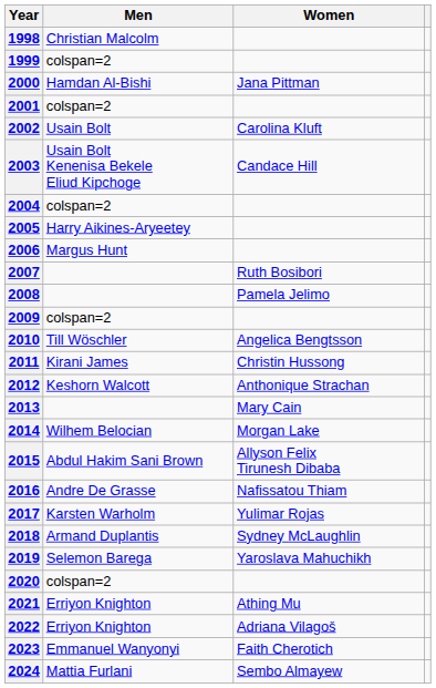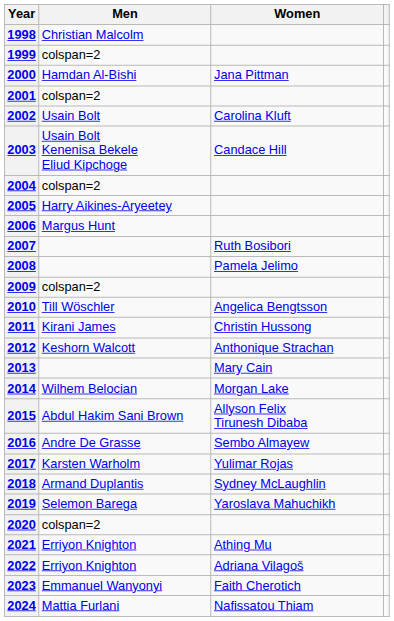 <table class="wikitable sortable">
 <tr>
 <th scope="col">Year</th>
 <th scope="col" style="width:13em">Men</th>
 <th scope="col" style="width:13em">Women</th>
 <th scope="col" class="unsortable"></th>
 </tr>
 <tr>
 <th scope="row"><a href='#'>1998</a></th>
 <td> <a href='#'>Christian Malcolm</a></td>
 <td></td>
 <td style="text-align:center;"></td>
 </tr>
 <tr>
 <th scope="row"><a href='#'>1999</a></th>
 <td>colspan=2 </td>
 <td style="text-align:center;"></td>
 </tr>
 <tr>
 <th scope="row"><a href='#'>2000</a></th>
 <td> <a href='#'>Hamdan Al-Bishi</a></td>
 <td>  <a href='#'>Jana Pittman</a></td>
 <td style="text-align:center;"></td>
 </tr>
 <tr>
 <th scope="row"><a href='#'>2001</a></th>
 <td>colspan=2 </td>
 <td style="text-align:center;"></td>
 </tr>
 <tr>
 <th scope="row"><a href='#'>2002</a></th>
 <td> <a href='#'>Usain Bolt</a> </td>
 <td> <a href='#'>Carolina Kluft</a></td>
 <td style="text-align:center;"></td>
 </tr>
 <tr>
 <th scope="row"><a href='#'>2003</a></th>
 <td> <a href='#'>Usain Bolt</a> <br> <a href='#'>Kenenisa Bekele</a><br> <a href='#'>Eliud Kipchoge</a></td>
 <td> <a href='#'>Candace Hill</a></td>
 <td style="text-align:center;"></td>
 </tr>
 <tr>
 <th scope="row"><a href='#'>2004</a></th>
 <td>colspan=2 </td>
 <td style="text-align:center;"></td>
 </tr>
 <tr>
 <th scope="row"><a href='#'>2005</a></th>
 <td> <a href='#'>Harry Aikines-Aryeetey</a></td>
 <td></td>
 <td style="text-align:center;"></td>
 </tr>
 <tr>
 <th scope="row"><a href='#'>2006</a></th>
 <td> <a href='#'>Margus Hunt</a></td>
 <td></td>
 <td style="text-align:center;"></td>
 </tr>
 <tr>
 <th scope="row"><a href='#'>2007</a></th>
 <td></td>
 <td> <a href='#'>Ruth Bosibori</a></td>
 <td style="text-align:center;"></td>
 </tr>
 <tr>
 <th scope="row"><a href='#'>2008</a></th>
 <td></td>
 <td> <a href='#'>Pamela Jelimo</a></td>
 <td style="text-align:center;"></td>
 </tr>
 <tr>
 <th scope="row"><a href='#'>2009</a></th>
 <td>colspan=2 </td>
 <td style="text-align:center;"></td>
 </tr>
 <tr>
 <th scope="row"><a href='#'>2010</a></th>
 <td> <a href='#'>Till Wöschler</a></td>
 <td> <a href='#'>Angelica Bengtsson</a></td>
 <td style="text-align:center;"></td>
 </tr>
 <tr>
 <th scope="row" style="text-align:center;"><a href='#'>2011</a></th>
 <td> <a href='#'>Kirani James</a></td>
 <td> <a href='#'>Christin Hussong</a></td>
 <td style="text-align:center;"></td>
 </tr>
 <tr>
 <th scope="row"><a href='#'>2012</a></th>
 <td> <a href='#'>Keshorn Walcott</a></td>
 <td> <a href='#'>Anthonique Strachan</a></td>
 <td style="text-align:center;"></td>
 </tr>
 <tr>
 <th scope="row"><a href='#'>2013</a></th>
 <td></td>
 <td> <a href='#'>Mary Cain</a></td>
 <td style="text-align:center;"></td>
 </tr>
 <tr>
 <th scope="row"><a href='#'>2014</a></th>
 <td> <a href='#'>Wilhem Belocian</a></td>
 <td> <a href='#'>Morgan Lake</a></td>
 <td style="text-align:center;"></td>
 </tr>
 <tr>
 <th scope="row"><a href='#'>2015</a></th>
 <td> <a href='#'>Abdul Hakim Sani Brown</a></td>
 <td> <a href='#'>Allyson Felix</a><br> <a href='#'>Tirunesh Dibaba</a></td>
 <td style="text-align:center;"></td>
 </tr>
 <tr>
 <th scope="row"><a href='#'>2016</a></th>
 <td> <a href='#'>Andre De Grasse</a></td>
-<td> <a href='#'>Nafissatou Thiam</a></td>
+<td> <a href='#'>Sembo Almayew</a></td>
 <td style="text-align:center;"></td>
 </tr>
 <tr>
 <th scope="row"><a href='#'>2017</a></th>
 <td> <a href='#'>Karsten Warholm</a></td>
 <td> <a href='#'>Yulimar Rojas</a></td>
 <td style="text-align:center;"></td>
 </tr>
 <tr>
 <th scope="row"><a href='#'>2018</a></th>
 <td> <a href='#'>Armand Duplantis</a></td>
 <td> <a href='#'>Sydney McLaughlin</a></td>
 <td style="text-align:center;"></td>
 </tr>
 <tr>
 <th scope="row"><a href='#'>2019</a></th>
 <td> <a href='#'>Selemon Barega</a></td>
 <td> <a href='#'>Yaroslava Mahuchikh</a></td>
 <td style="text-align:center;"></td>
 </tr>
 <tr>
 <th scope="row"><a href='#'>2020</a></th>
 <td>colspan=2 </td>
 <td style="text-align:center;"></td>
 </tr>
 <tr>
 <th scope="row"><a href='#'>2021</a></th>
 <td> <a href='#'>Erriyon Knighton</a> </td>
 <td> <a href='#'>Athing Mu</a></td>
 <td style="text-align:center;"></td>
 </tr>
 <tr>
 <th scope="row"><a href='#'>2022</a></th>
 <td> <a href='#'>Erriyon Knighton</a> </td>
 <td> <a href='#'>Adriana Vilagoš</a></td>
 <td style="text-align:center;"></td>
 </tr>
 <tr>
 <th scope="row"><a href='#'>2023</a></th>
 <td> <a href='#'>Emmanuel Wanyonyi</a></td>
 <td> <a href='#'>Faith Cherotich</a></td>
 <td style="text-align:center;"></td>
 </tr>
 <tr>
 <th scope="row"><a href='#'>2024</a></th>
 <td> <a href='#'>Mattia Furlani</a></td>
-<td> <a href='#'>Sembo Almayew</a></td>
+<td> <a href='#'>Nafissatou Thiam</a></td>
 <td style="text-align:center;"></td>
 </tr>
 </table>
